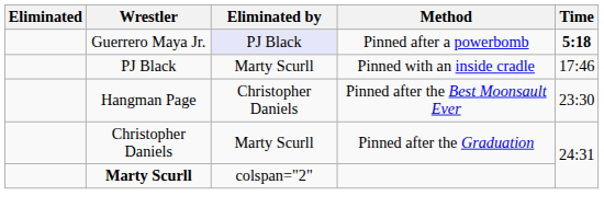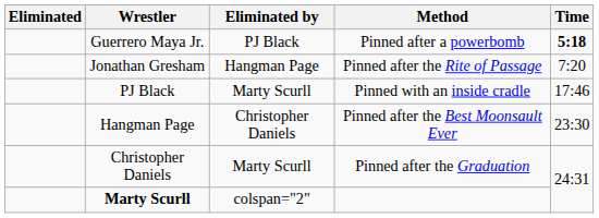 <table class="wikitable sortable" style="text-align:center;">
 <tr>
 <th>Eliminated</th>
 <th>Wrestler</th>
 <th>Eliminated by</th>
 <th>Method</th>
 <th>Time</th>
 </tr>
 <tr>
 <td></td>
 <td>Guerrero Maya Jr.</td>
-<td style="background: lavender;">PJ Black</td>
+<td>PJ Black</td>
 <td>Pinned after a <a href='#'>powerbomb</a></td>
 <td><strong>5:18</strong></td>
+</tr>
+<tr>
+<td></td>
+<td>Jonathan Gresham</td>
+<td>Hangman Page</td>
+<td>Pinned after the <em><a href='#'>Rite of Passage</a></em></td>
+<td>7:20</td>
 </tr>
 <tr>
 <td></td>
 <td>PJ Black</td>
 <td>Marty Scurll</td>
 <td>Pinned with an <a href='#'>inside cradle</a></td>
 <td>17:46</td>
 </tr>
 <tr>
 <td></td>
 <td>Hangman Page</td>
 <td>Christopher Daniels</td>
 <td>Pinned after the <em><a href='#'>Best Moonsault Ever</a></em></td>
 <td>23:30</td>
 </tr>
 <tr>
 <td></td>
 <td>Christopher Daniels</td>
 <td>Marty Scurll</td>
 <td>Pinned after the <em><a href='#'>Graduation</a></em></td>
 <td rowspan=2>24:31</td>
 </tr>
 <tr>
 <td></td>
 <td><strong>Marty Scurll</strong></td>
 <td>colspan="2" </td>
 </tr>
 </table>
